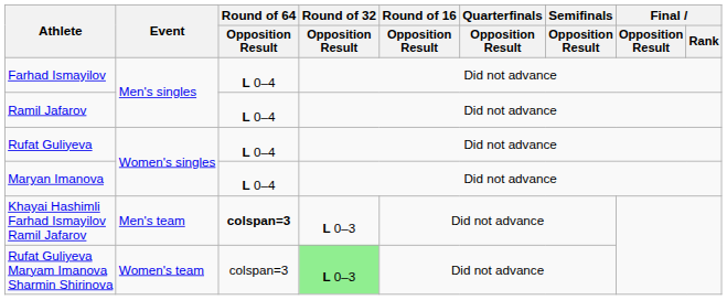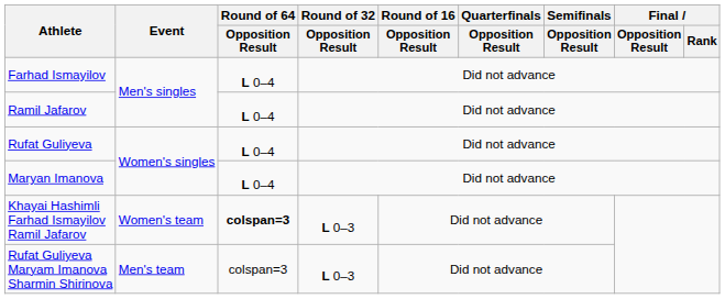 <table class="wikitable" style="font-size:90%">
 <tr>
 <th rowspan="2">Athlete</th>
 <th rowspan="2">Event</th>
 <th>Round of 64</th>
 <th>Round of 32</th>
 <th>Round of 16</th>
 <th>Quarterfinals</th>
 <th>Semifinals</th>
 <th colspan=2>Final / </th>
 </tr>
 <tr style="font-size:95%">
 <th>Opposition<br>Result</th>
 <th>Opposition<br>Result</th>
 <th>Opposition<br>Result</th>
 <th>Opposition<br>Result</th>
 <th>Opposition<br>Result</th>
 <th>Opposition<br>Result</th>
 <th>Rank</th>
 </tr>
 <tr align=center>
 <td align=left><a href='#'>Farhad Ismayilov</a></td>
 <td align=left rowspan=2><a href='#'>Men's singles</a></td>
 <td><br><strong>L</strong> 0–4</td>
 <td colspan=6>Did not advance</td>
 </tr>
 <tr align=center>
 <td align=left><a href='#'>Ramil Jafarov</a></td>
 <td><br><strong>L</strong> 0–4</td>
 <td colspan=6>Did not advance</td>
 </tr>
 <tr align=center>
 <td align=left><a href='#'>Rufat Guliyeva</a></td>
 <td align=left rowspan=2><a href='#'>Women's singles</a></td>
 <td><br><strong>L</strong> 0–4</td>
 <td colspan=6>Did not advance</td>
 </tr>
 <tr align=center>
 <td align=left><a href='#'>Maryan Imanova</a></td>
 <td><br><strong>L</strong> 0–4</td>
 <td colspan=6>Did not advance</td>
 </tr>
 <tr align=center>
 <td align=left><a href='#'>Khayai Hashimli</a><br><a href='#'>Farhad Ismayilov</a><br><a href='#'>Ramil Jafarov</a></td>
-<td align=left><a href='#'>Men's team</a></td>
+<td align=left><a href='#'>Women's team</a></td>
 <td><strong>colspan=3 </strong></td>
 <td><br><strong>L</strong> 0–3</td>
 <td colspan=3>Did not advance</td>
 </tr>
 <tr align=center>
 <td align=left><a href='#'>Rufat Guliyeva</a><br><a href='#'>Maryam Imanova</a><br><a href='#'>Sharmin Shirinova</a></td>
-<td align=left><a href='#'>Women's team</a></td>
+<td align=left><a href='#'>Men's team</a></td>
 <td>colspan=3 </td>
-<td style="background: lightgreen;"><br><strong>L</strong> 0–3</td>
+<td><br><strong>L</strong> 0–3</td>
 <td colspan=3>Did not advance</td>
 </tr>
 </table>
